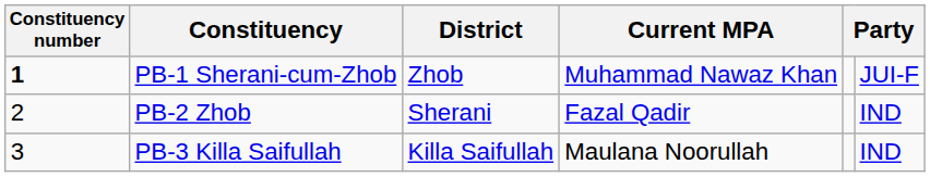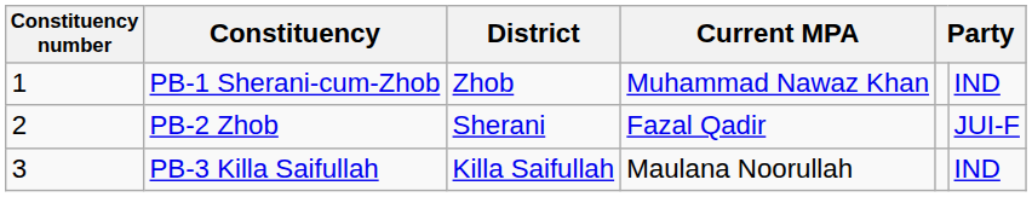 <table class="wikitable">
 <tr>
 <th width="50px" style="font-size:75%">Constituency number</th>
 <th>Constituency</th>
 <th>District</th>
 <th>Current MPA</th>
 <th colspan="2">Party</th>
 </tr>
 <tr>
-<td><strong>1</strong></td>
+<td>1</td>
 <td><a href='#'>PB-1 Sherani-cum-Zhob</a></td>
 <td><a href='#'>Zhob</a></td>
 <td><a href='#'>Muhammad Nawaz Khan</a></td>
 <td></td>
-<td><a href='#'>JUI-F</a></td>
+<td><a href='#'>IND</a></td>
 </tr>
 <tr>
 <td>2</td>
 <td><a href='#'>PB-2 Zhob</a></td>
 <td><a href='#'>Sherani</a></td>
 <td><a href='#'>Fazal Qadir</a></td>
 <td></td>
-<td><a href='#'>IND</a></td>
+<td><a href='#'>JUI-F</a></td>
 </tr>
 <tr>
 <td>3</td>
 <td><a href='#'>PB-3 Killa Saifullah</a></td>
 <td><a href='#'>Killa Saifullah</a></td>
 <td>Maulana Noorullah</td>
 <td></td>
 <td><a href='#'>IND</a></td>
 </tr>
 </table>
